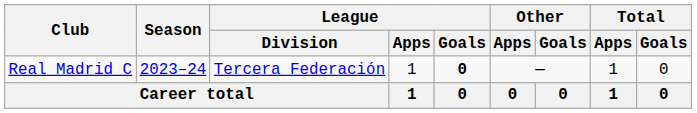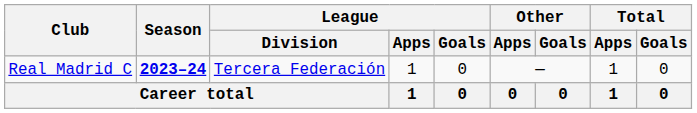 <table class=wikitable style=text-align:center>
 <tr>
 <th rowspan="2">Club</th>
 <th rowspan="2">Season</th>
 <th colspan="3">League</th>
 <th colspan="2">Other</th>
 <th colspan="2">Total</th>
 </tr>
 <tr>
 <th>Division</th>
 <th>Apps</th>
 <th>Goals</th>
 <th>Apps</th>
 <th>Goals</th>
 <th>Apps</th>
 <th>Goals</th>
 </tr>
 <tr>
 <td><a href='#'>Real Madrid C</a></td>
-<td><a href='#'>2023–24</a></td>
+<td><strong><a href='#'>2023–24</a></strong></td>
 <td><a href='#'>Tercera Federación</a></td>
 <td>1</td>
-<td><strong>0</strong></td>
+<td>0</td>
 <td colspan="2">—</td>
 <td>1</td>
 <td>0</td>
 </tr>
 <tr>
 <th colspan="3">Career total</th>
 <th>1</th>
 <th>0</th>
 <th>0</th>
 <th>0</th>
 <th>1</th>
 <th>0</th>
 </tr>
 </table>
